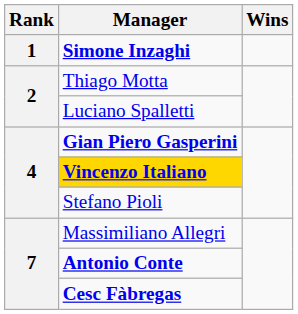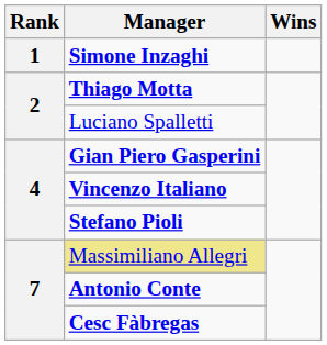 <table class="wikitable plainrowheaders sortable" style="border-collapse:collapse">
 <tr>
 <th scope=col>Rank</th>
 <th scope=col>Manager</th>
 <th scope=col>Wins</th>
 </tr>
 <tr>
 <th>1</th>
 <td> <strong><a href='#'>Simone Inzaghi</a></strong></td>
 <td align="center"></td>
 </tr>
 <tr>
 <th rowspan="2">2</th>
-<td> <a href='#'>Thiago Motta</a></td>
+<td><strong> <a href='#'>Thiago Motta</a></strong></td>
 <td rowspan="2" align="center"></td>
 </tr>
 <tr>
 <td> <a href='#'>Luciano Spalletti</a></td>
 </tr>
 <tr>
 <th rowspan="3">4</th>
 <td> <strong><a href='#'>Gian Piero Gasperini</a></strong></td>
 <td rowspan="3" align="center"></td>
 </tr>
 <tr>
-<td style="background: gold;"> <strong><a href='#'>Vincenzo Italiano</a></strong></td>
+<td> <strong><a href='#'>Vincenzo Italiano</a></strong></td>
 </tr>
 <tr>
-<td> <a href='#'>Stefano Pioli</a></td>
+<td><strong> <a href='#'>Stefano Pioli</a></strong></td>
 </tr>
 <tr>
 <th rowspan="3">7</th>
-<td> <a href='#'>Massimiliano Allegri</a></td>
+<td style="background: khaki;"> <a href='#'>Massimiliano Allegri</a></td>
 <td rowspan="3" align="center"></td>
 </tr>
 <tr>
 <td> <strong><a href='#'>Antonio Conte</a></strong></td>
 </tr>
 <tr>
 <td> <strong><a href='#'>Cesc Fàbregas</a></strong></td>
 </tr>
 </table>
